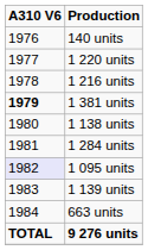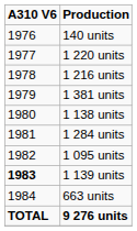 <table class="wikitable">
 <tr>
 <td><strong>A310 V6</strong></td>
 <td><strong>Production</strong></td>
 </tr>
 <tr>
 <td>1976</td>
 <td>140 units</td>
 </tr>
 <tr>
 <td>1977</td>
 <td>1 220 units</td>
 </tr>
 <tr>
 <td>1978</td>
 <td>1 216 units</td>
 </tr>
 <tr>
-<td><strong>1979</strong></td>
+<td>1979</td>
 <td>1 381 units</td>
 </tr>
 <tr>
 <td>1980</td>
 <td>1 138 units</td>
 </tr>
 <tr>
 <td>1981</td>
 <td>1 284 units</td>
 </tr>
 <tr>
-<td style="background: lavender;">1982</td>
+<td>1982</td>
 <td>1 095 units</td>
 </tr>
 <tr>
-<td>1983</td>
+<td><strong>1983</strong></td>
 <td>1 139 units</td>
 </tr>
 <tr>
 <td>1984</td>
 <td>663 units</td>
 </tr>
 <tr>
 <td><strong>TOTAL</strong></td>
 <td><strong>9 276 units</strong></td>
 </tr>
 <tr>
 </tr>
 </table>
